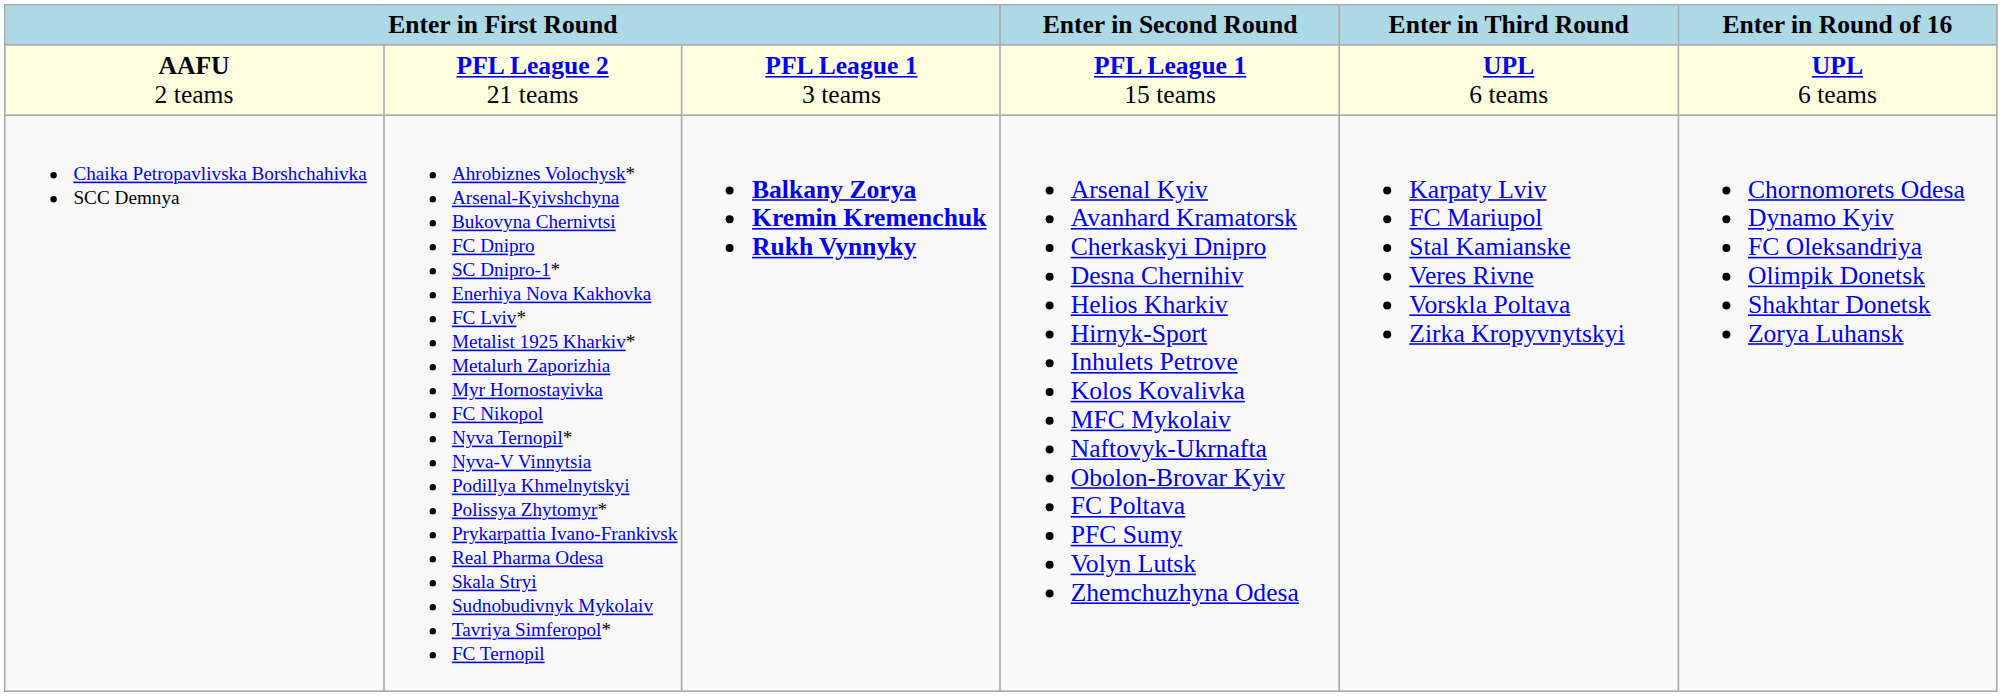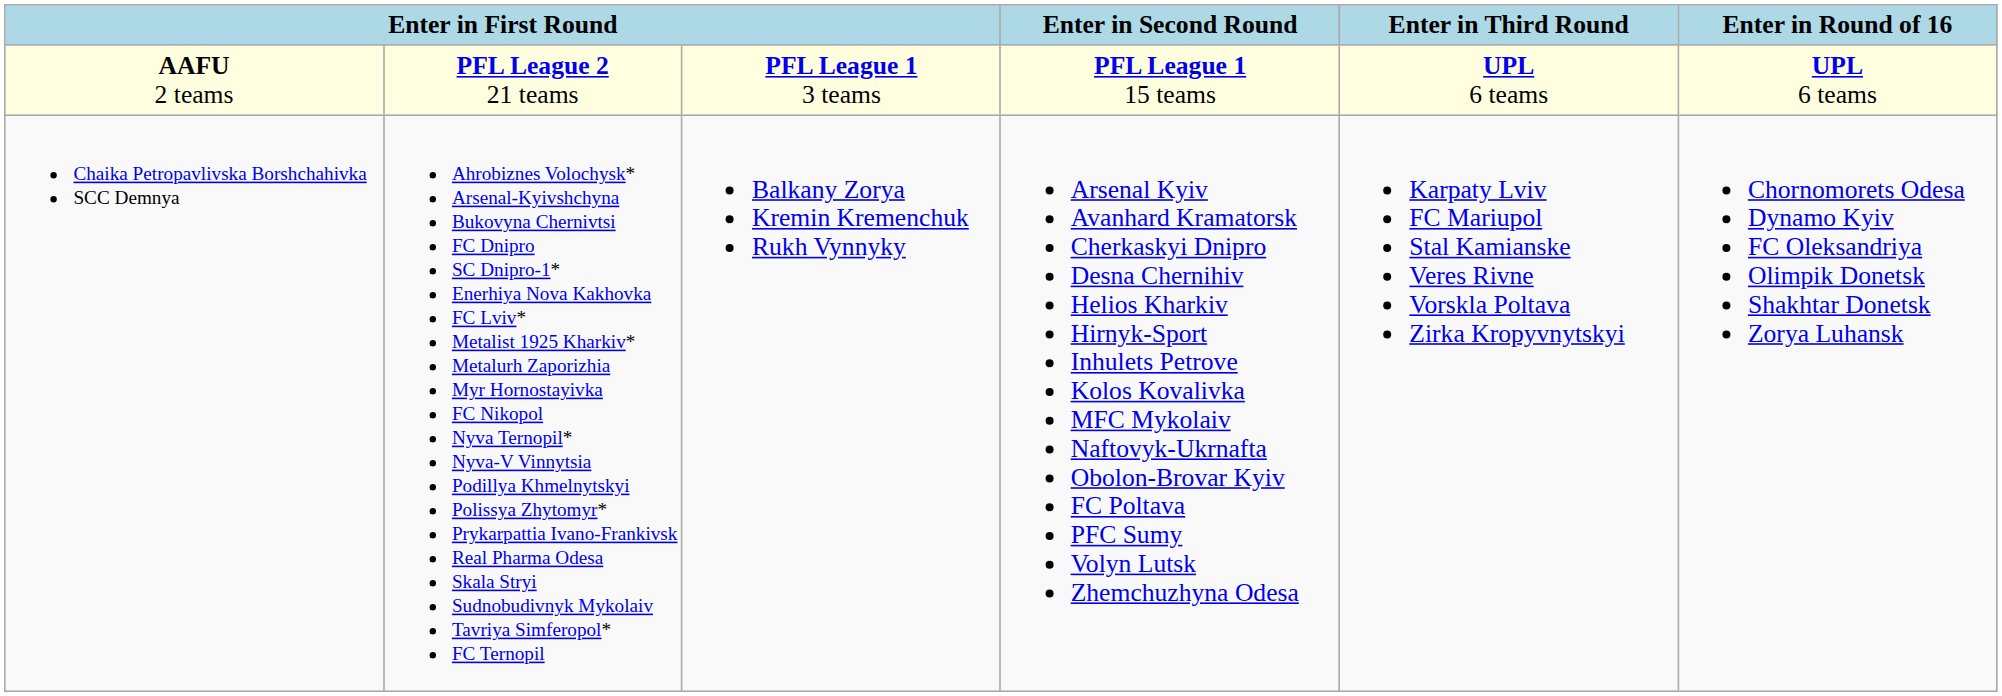 <table class="wikitable">
 <tr style="vertical-align:top; background:lightblue; text-align:center;">
 <td colspan="3" style="width:50%;"><strong>Enter in First Round</strong></td>
 <td style="width:17%;"><strong>Enter in Second Round</strong></td>
 <td style="width:17%;"><strong>Enter in Third Round</strong></td>
 <td style="width:17%;"><strong>Enter in Round of 16</strong></td>
 </tr>
 <tr style="vertical-align:top; background:lightyellow;">
 <td style="text-align:center; width:19%;"><strong>AAFU</strong><br>2 teams</td>
 <td style="text-align:center; width:15%;"><strong><a href='#'>PFL League 2</a></strong><br>21 teams</td>
 <td style="text-align:center; width:16%;"><strong><a href='#'>PFL League 1</a></strong><br>3 teams</td>
 <td style="text-align:center; width:17%;"><strong><a href='#'>PFL League 1</a></strong><br>15 teams</td>
 <td style="text-align:center; width:17%;"><strong><a href='#'>UPL</a></strong><br> 6 teams</td>
 <td style="text-align:center; width:17%;"><strong><a href='#'>UPL</a></strong><br> 6 teams</td>
 </tr>
 <tr valign="top">
 <td style="font-size: 75%;"><br><ul><li><a href='#'>Chaika Petropavlivska Borshchahivka</a></li><li>SCC Demnya</li></ul></td>
 <td style="font-size: 75%;"><br><ul><li><a href='#'>Ahrobiznes Volochysk</a>*</li><li><a href='#'>Arsenal-Kyivshchyna</a></li><li><a href='#'>Bukovyna Chernivtsi</a></li><li><a href='#'>FC Dnipro</a></li><li><a href='#'>SC Dnipro-1</a>*</li><li><a href='#'>Enerhiya Nova Kakhovka</a></li><li><a href='#'>FC Lviv</a>*</li><li><a href='#'>Metalist 1925 Kharkiv</a>*</li><li><a href='#'>Metalurh Zaporizhia</a></li><li><a href='#'>Myr Hornostayivka</a></li><li><a href='#'>FC Nikopol</a></li><li><a href='#'>Nyva Ternopil</a>*</li><li><a href='#'>Nyva-V Vinnytsia</a></li><li><a href='#'>Podillya Khmelnytskyi</a></li><li><a href='#'>Polissya Zhytomyr</a>*</li><li><a href='#'>Prykarpattia Ivano-Frankivsk</a></li><li><a href='#'>Real Pharma Odesa</a></li><li><a href='#'>Skala Stryi</a></li><li><a href='#'>Sudnobudivnyk Mykolaiv</a></li><li><a href='#'>Tavriya Simferopol</a>*</li><li><a href='#'>FC Ternopil</a></li></ul></td>
-<td><strong><br><ul><li><a href='#'>Balkany Zorya</a></li><li><a href='#'>Kremin Kremenchuk</a></li><li><a href='#'>Rukh Vynnyky</a></li></ul></strong></td>
+<td><br><ul><li><a href='#'>Balkany Zorya</a></li><li><a href='#'>Kremin Kremenchuk</a></li><li><a href='#'>Rukh Vynnyky</a></li></ul></td>
 <td><br><ul><li><a href='#'>Arsenal Kyiv</a></li><li><a href='#'>Avanhard Kramatorsk</a></li><li><a href='#'>Cherkaskyi Dnipro</a></li><li><a href='#'>Desna Chernihiv</a></li><li><a href='#'>Helios Kharkiv</a></li><li><a href='#'>Hirnyk-Sport</a></li><li><a href='#'>Inhulets Petrove</a></li><li><a href='#'>Kolos Kovalivka</a></li><li><a href='#'>MFC Mykolaiv</a></li><li><a href='#'>Naftovyk-Ukrnafta</a></li><li><a href='#'>Obolon-Brovar Kyiv</a></li><li><a href='#'>FC Poltava</a></li><li><a href='#'>PFC Sumy</a></li><li><a href='#'>Volyn Lutsk</a></li><li><a href='#'>Zhemchuzhyna Odesa</a></li></ul></td>
 <td><br><ul><li><a href='#'>Karpaty Lviv</a></li><li><a href='#'>FC Mariupol</a></li><li><a href='#'>Stal Kamianske</a></li><li><a href='#'>Veres Rivne</a></li><li><a href='#'>Vorskla Poltava</a></li><li><a href='#'>Zirka Kropyvnytskyi</a></li></ul></td>
 <td><br><ul><li><a href='#'>Chornomorets Odesa</a></li><li><a href='#'>Dynamo Kyiv</a></li><li><a href='#'>FC Oleksandriya</a></li><li><a href='#'>Olimpik Donetsk</a></li><li><a href='#'>Shakhtar Donetsk</a></li><li><a href='#'>Zorya Luhansk</a></li></ul></td>
 </tr>
 </table>
